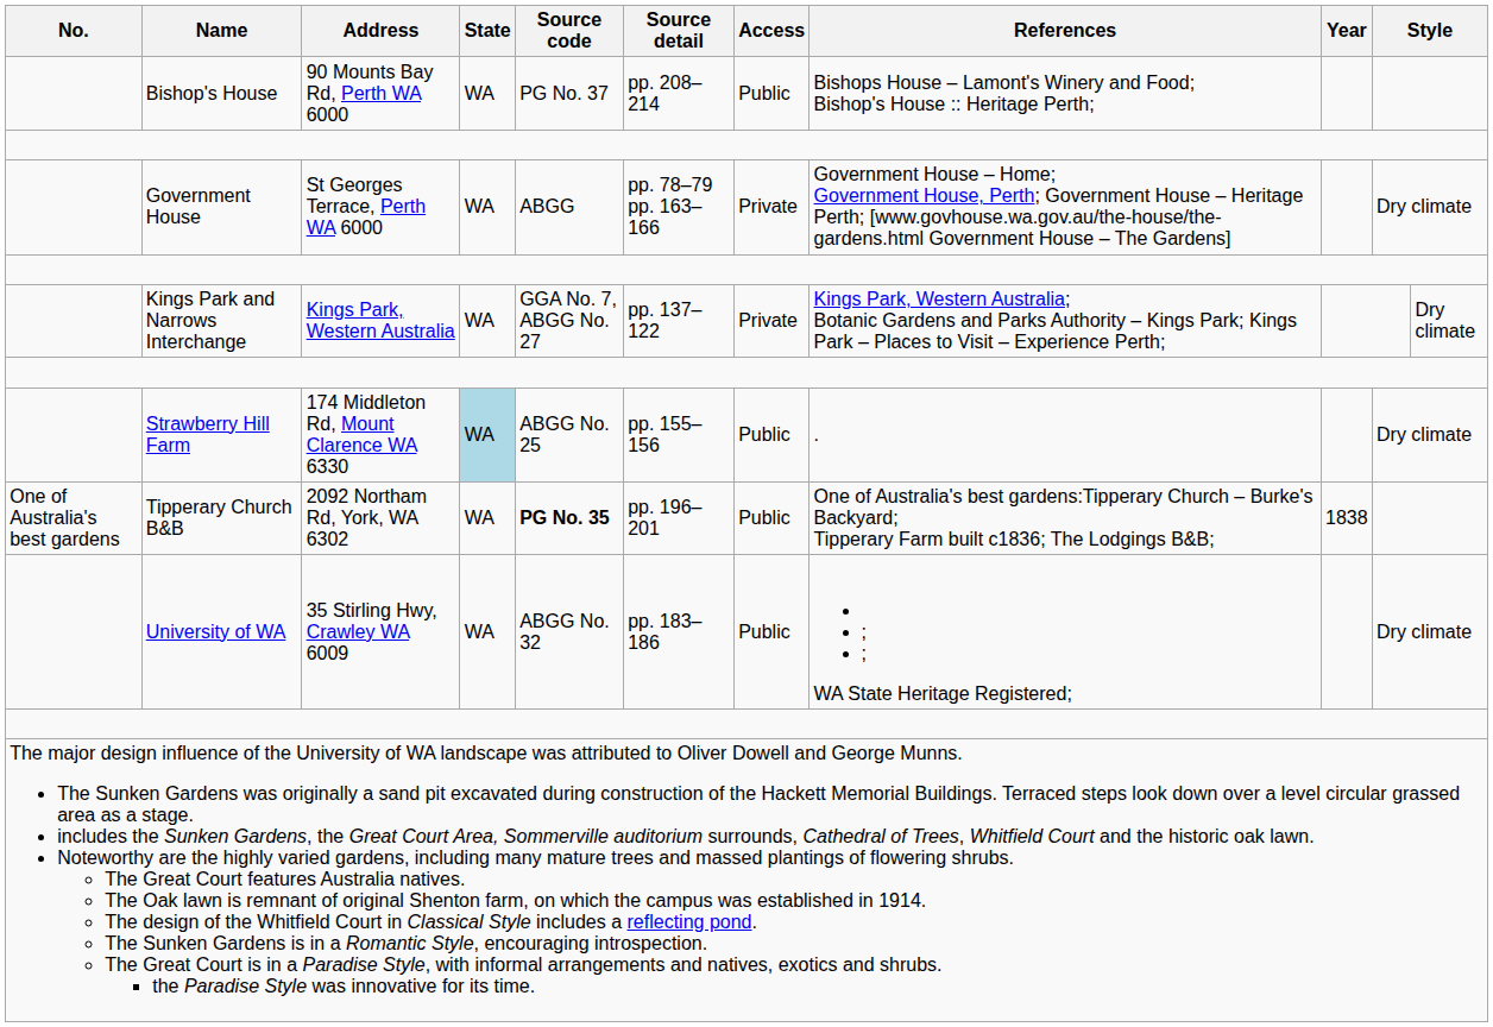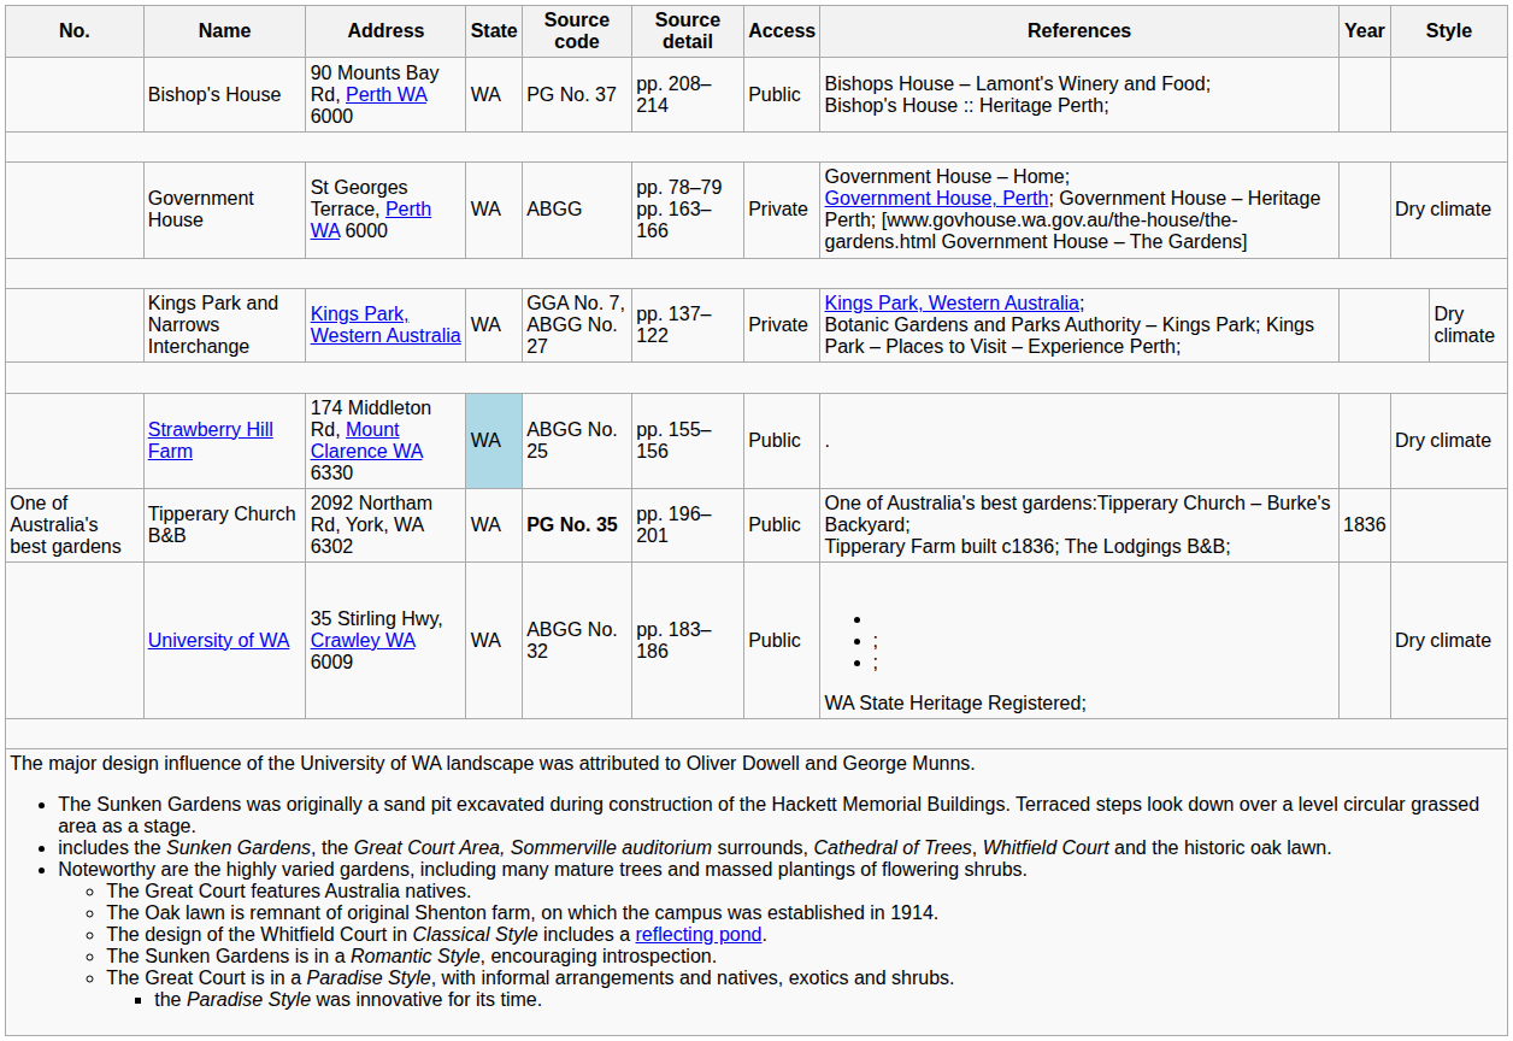 <table class="wikitable">
 <tr>
 <th colspan="1">No.</th>
 <th colspan="2">Name</th>
 <th colspan="3">Address</th>
 <th colspan="1">State</th>
 <th colspan="1">Source code</th>
 <th colspan="2">Source detail</th>
 <th colspan="1">Access</th>
 <th colspan="5">References</th>
 <th colspan="1">Year</th>
 <th colspan="2">Style</th>
 </tr>
 <tr>
 <td colspan="1"><br></td>
 <td colspan="2">Bishop's House</td>
 <td colspan="3">90 Mounts Bay Rd, <a href='#'>Perth WA</a> 6000</td>
 <td colspan="1">WA</td>
 <td colspan="1">PG No. 37</td>
 <td colspan="2">pp. 208–214</td>
 <td colspan="1">Public</td>
 <td colspan="5">Bishops House – Lamont's Winery and Food;<br>Bishop's House :: Heritage Perth; </td>
 <td colspan="1"></td>
 <td colspan="2"></td>
 </tr>
 <tr>
 <td colspan="19"><br></td>
 </tr>
 <tr>
 <td colspan="1"><br></td>
 <td colspan="2">Government House</td>
 <td colspan="3">St Georges Terrace, <a href='#'>Perth WA</a> 6000</td>
 <td colspan="1">WA</td>
 <td colspan="1">ABGG</td>
 <td colspan="2">pp. 78–79	pp. 163–166</td>
 <td colspan="1">Private</td>
 <td colspan="5">Government House – Home;<br><a href='#'>Government House, Perth</a>;  Government House – Heritage Perth; [www.govhouse.wa.gov.au/the-house/the-gardens.html Government House – The Gardens]</td>
 <td colspan="1"></td>
 <td colspan="2">Dry climate</td>
 </tr>
 <tr>
 <td colspan="19"><br></td>
 </tr>
 <tr>
 <td colspan="1"><br></td>
 <td colspan="2">Kings Park and Narrows Interchange</td>
 <td colspan="3"><a href='#'>Kings Park, Western Australia</a></td>
 <td colspan="1">WA</td>
 <td colspan="1">GGA No. 7, ABGG No. 27</td>
 <td colspan="2">pp. 137–122</td>
 <td colspan="1">Private</td>
 <td colspan="5"><a href='#'>Kings Park, Western Australia</a>;<br>Botanic Gardens and Parks Authority – Kings Park; Kings Park – Places to Visit – Experience Perth;</td>
 <td colspan="2"></td>
 <td colspan="2">Dry climate</td>
 </tr>
 <tr>
 <td colspan="19"><br></td>
 </tr>
 <tr>
 <td colspan="1"><br></td>
 <td colspan="2"><a href='#'>Strawberry Hill Farm</a></td>
 <td colspan="3">174 Middleton Rd, <a href='#'>Mount Clarence WA</a> 6330</td>
 <td colspan="1" style="background: lightblue;">WA</td>
 <td colspan="1">ABGG No. 25</td>
 <td colspan="2">pp. 155–156</td>
 <td colspan="1">Public</td>
 <td colspan="5">. </td>
 <td colspan="1"></td>
 <td colspan="2">Dry climate</td>
 </tr>
 <tr>
 <td colspan="1">One of Australia's best gardens</td>
 <td colspan="2">Tipperary Church B&B</td>
 <td colspan="3">2092 Northam Rd, York, WA 6302</td>
 <td colspan="1">WA</td>
 <td colspan="1"><strong>PG No. 35</strong></td>
 <td colspan="2">pp. 196–201</td>
 <td colspan="1">Public</td>
 <td colspan="5">One of Australia's best gardens:Tipperary Church – Burke's Backyard;<br>Tipperary Farm built c1836;  The Lodgings B&B;</td>
-<td colspan="1">1838</td>
+<td colspan="1">1836</td>
 <td colspan="2"></td>
 </tr>
 <tr>
 <td colspan="1"><br></td>
 <td colspan="2"><a href='#'>University of WA</a></td>
 <td colspan="3">35 Stirling Hwy, <a href='#'>Crawley WA</a> 6009</td>
 <td colspan="1">WA</td>
 <td colspan="1">ABGG No. 32</td>
 <td colspan="2">pp. 183–186</td>
 <td colspan="1">Public</td>
 <td colspan="5"><br><ul><li></li><li>;</li><li>;</li></ul>WA State Heritage Registered;</td>
 <td colspan="1"></td>
 <td colspan="2">Dry climate</td>
 </tr>
 <tr>
 <td colspan="19"><br></td>
 </tr>
 <tr>
 <td colspan="19">The major design influence of the University of WA landscape was attributed to Oliver Dowell and George Munns.<br><ul><li>The Sunken Gardens was originally a sand pit excavated during construction of the Hackett Memorial Buildings. Terraced steps look down over a level circular grassed area as a stage.</li><li> includes the <em>Sunken Gardens</em>, the <em>Great Court Area,</em> <em>Sommerville auditorium</em> surrounds, <em>Cathedral of Trees</em>, <em>Whitfield Court</em> and the historic oak lawn.</li><li>Noteworthy are the highly varied gardens, including many mature trees and massed plantings of flowering shrubs.<ul><li>The Great Court features Australia natives.</li><li>The Oak lawn is remnant of original Shenton farm, on which the campus was established in 1914.</li><li>The design of the Whitfield Court in <em>Classical Style</em> includes a <a href='#'>reflecting pond</a>.</li><li>The Sunken Gardens is in a <em>Romantic Style</em>, encouraging introspection.</li><li>The Great Court is in a <em>Paradise Style</em>, with informal arrangements and natives, exotics and shrubs.<ul><li>the <em>Paradise Style</em> was innovative for its time.</li></ul></li></ul></li></ul></td>
 </tr>
 </table>
